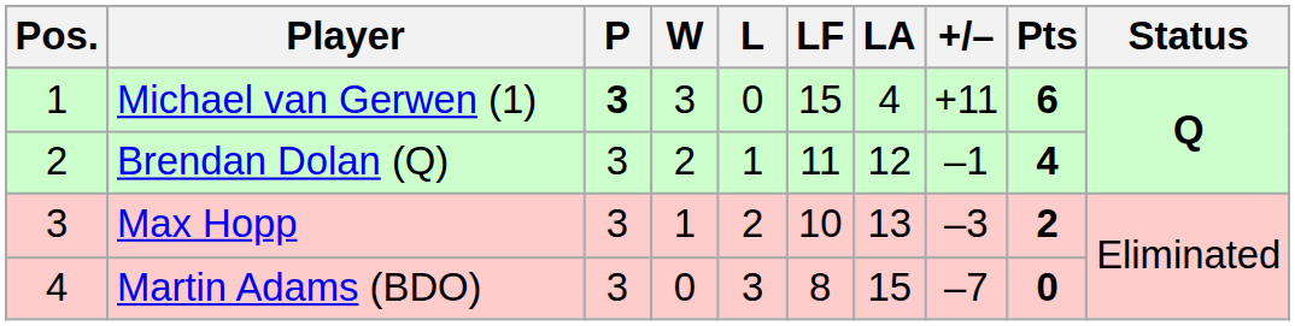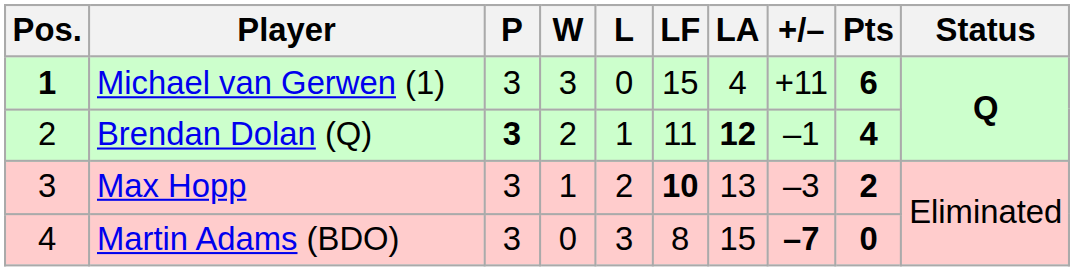 <table class="wikitable" style="text-align:center; margin: 1em auto 1em auto, align:left">
 <tr>
 <th width=20>Pos.</th>
 <th width=185>Player</th>
 <th width=20>P</th>
 <th width=20>W</th>
 <th width=20>L</th>
 <th width=20>LF</th>
 <th width=20>LA</th>
 <th width=25>+/–</th>
 <th width=20>Pts</th>
 <th width=70>Status</th>
 </tr>
 <tr style="background:#CCFFCC;">
-<td>1</td>
+<td><strong>1</strong></td>
 <td align=left> <a href='#'>Michael van Gerwen</a> (1)</td>
-<td><strong>3</strong></td>
+<td>3</td>
 <td>3</td>
 <td>0</td>
 <td>15</td>
 <td>4</td>
 <td>+11</td>
 <td><strong>6</strong></td>
 <td rowspan=2><strong>Q</strong></td>
 </tr>
 <tr style="background:#CCFFCC;">
 <td>2</td>
 <td align=left> <a href='#'>Brendan Dolan</a> (Q)</td>
-<td>3</td>
+<td><strong>3</strong></td>
 <td>2</td>
 <td>1</td>
 <td>11</td>
-<td>12</td>
+<td><strong>12</strong></td>
 <td>–1</td>
 <td><strong>4</strong></td>
 </tr>
 <tr style="background:#FFCCCC;">
 <td>3</td>
 <td align=left> <a href='#'>Max Hopp</a></td>
 <td>3</td>
 <td>1</td>
 <td>2</td>
-<td>10</td>
+<td><strong>10</strong></td>
 <td>13</td>
 <td>–3</td>
 <td><strong>2</strong></td>
 <td rowspan=2>Eliminated</td>
 </tr>
 <tr style="background:#FFCCCC;">
 <td>4</td>
 <td align=left> <a href='#'>Martin Adams</a> (BDO)</td>
 <td>3</td>
 <td>0</td>
 <td>3</td>
 <td>8</td>
 <td>15</td>
-<td>–7</td>
+<td><strong>–7</strong></td>
 <td><strong>0</strong></td>
 </tr>
 </table>
